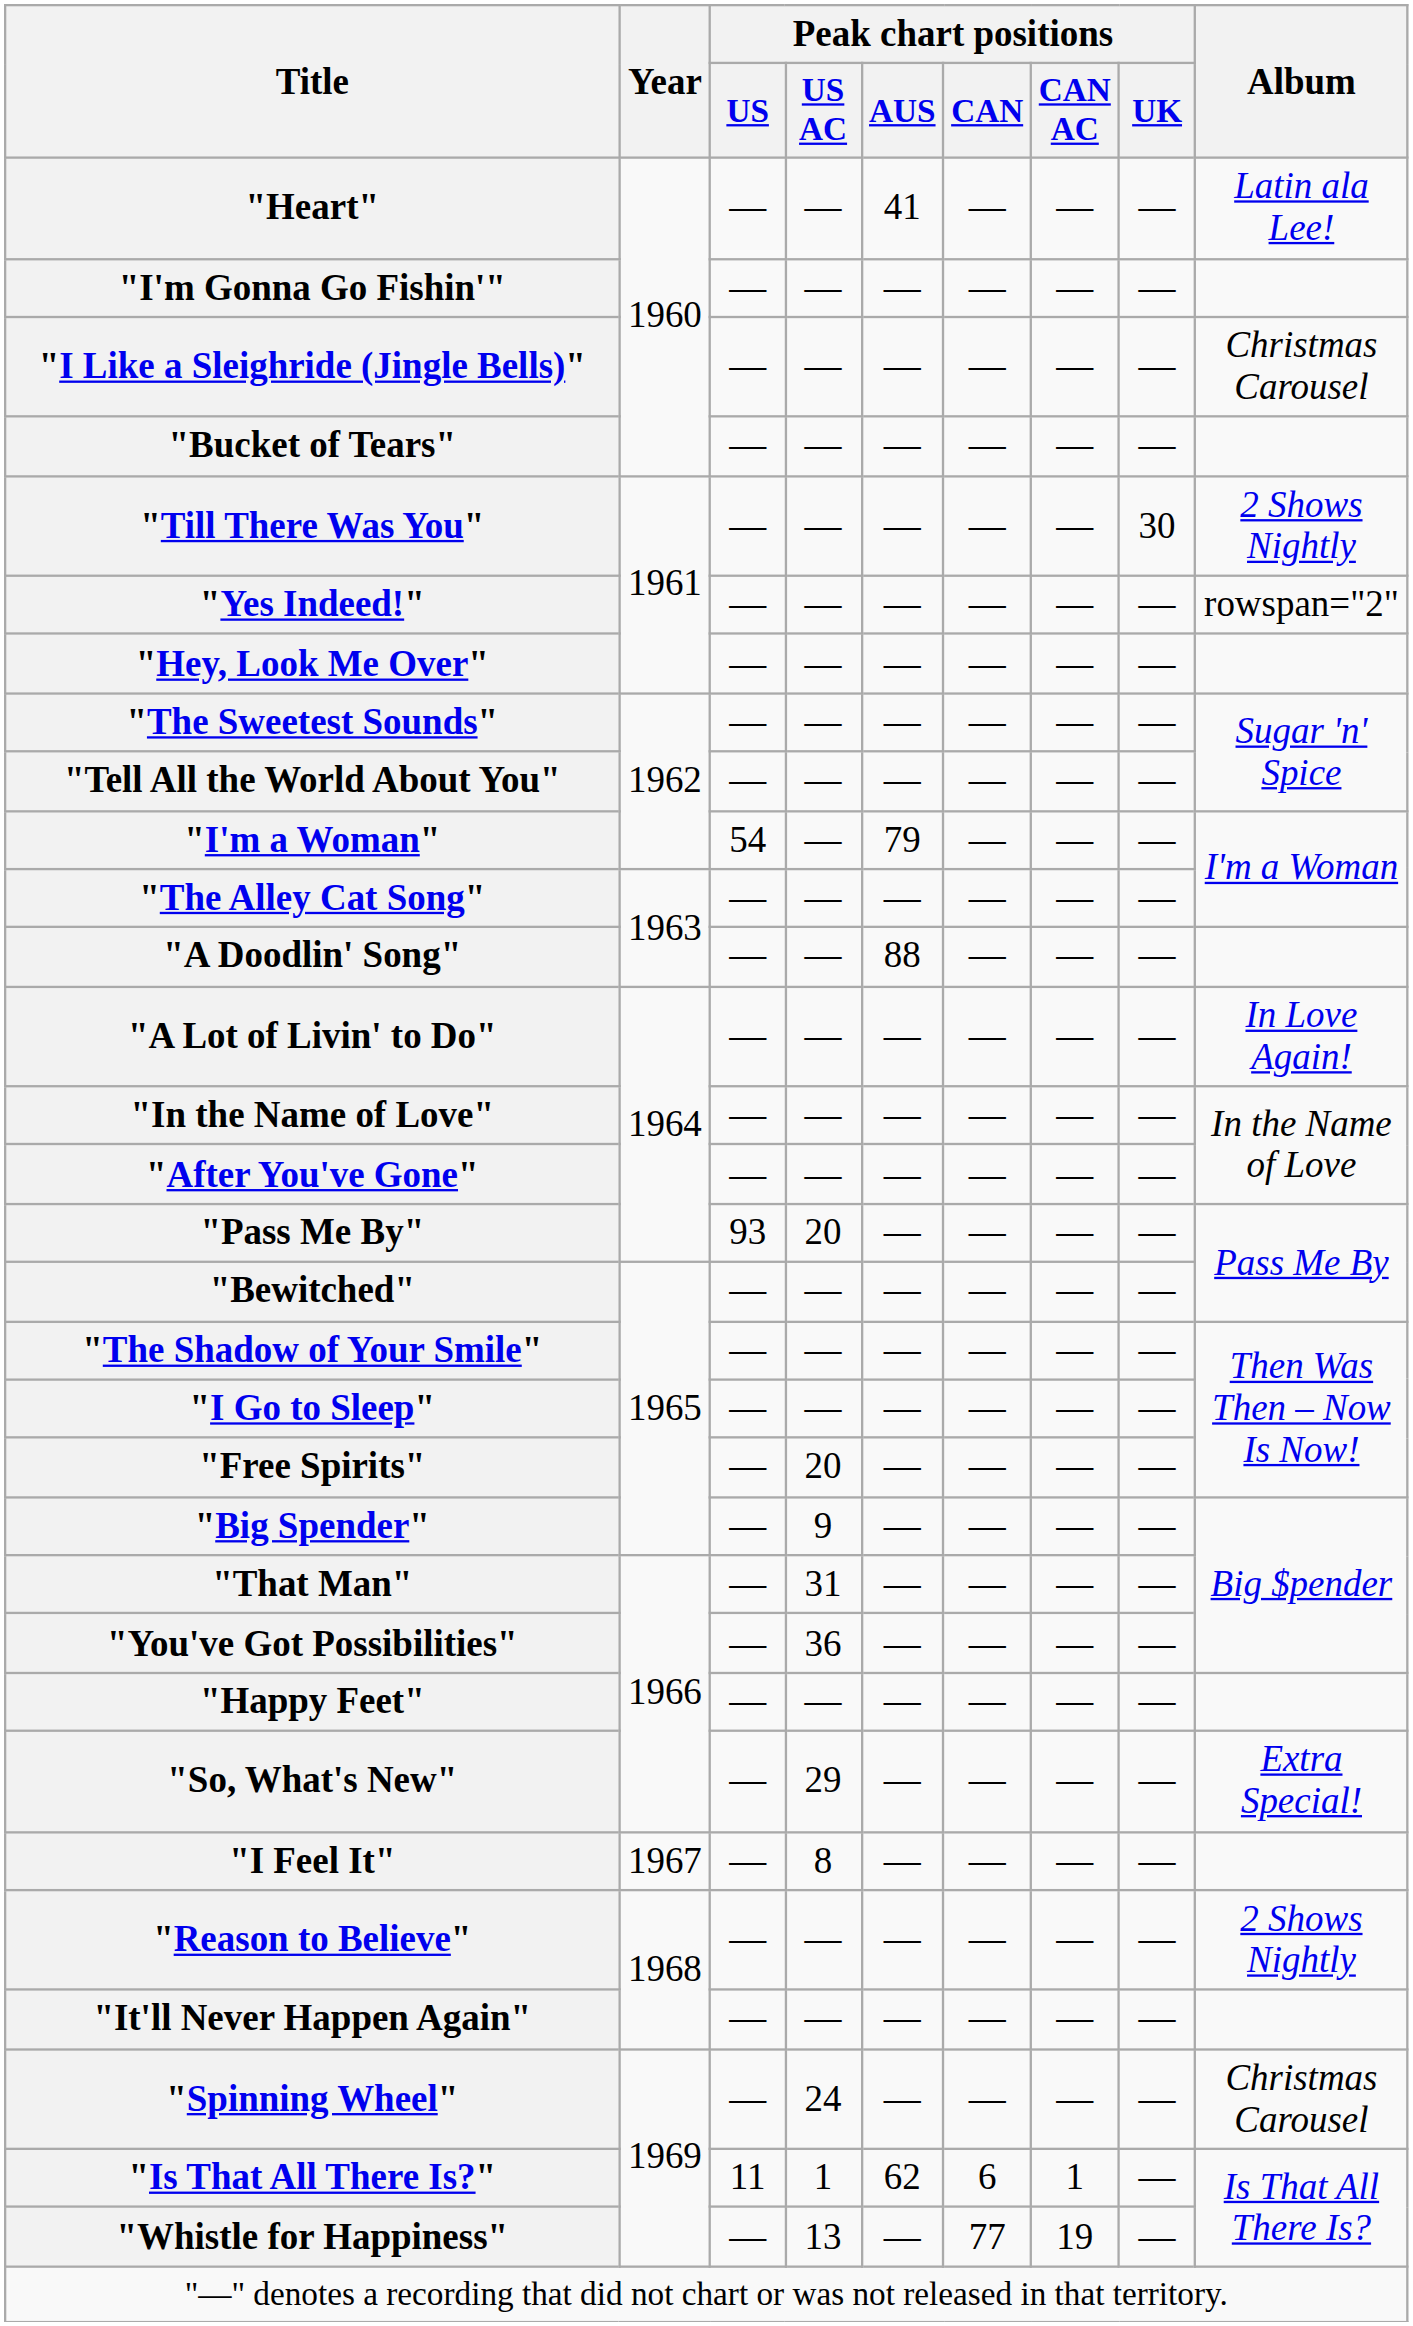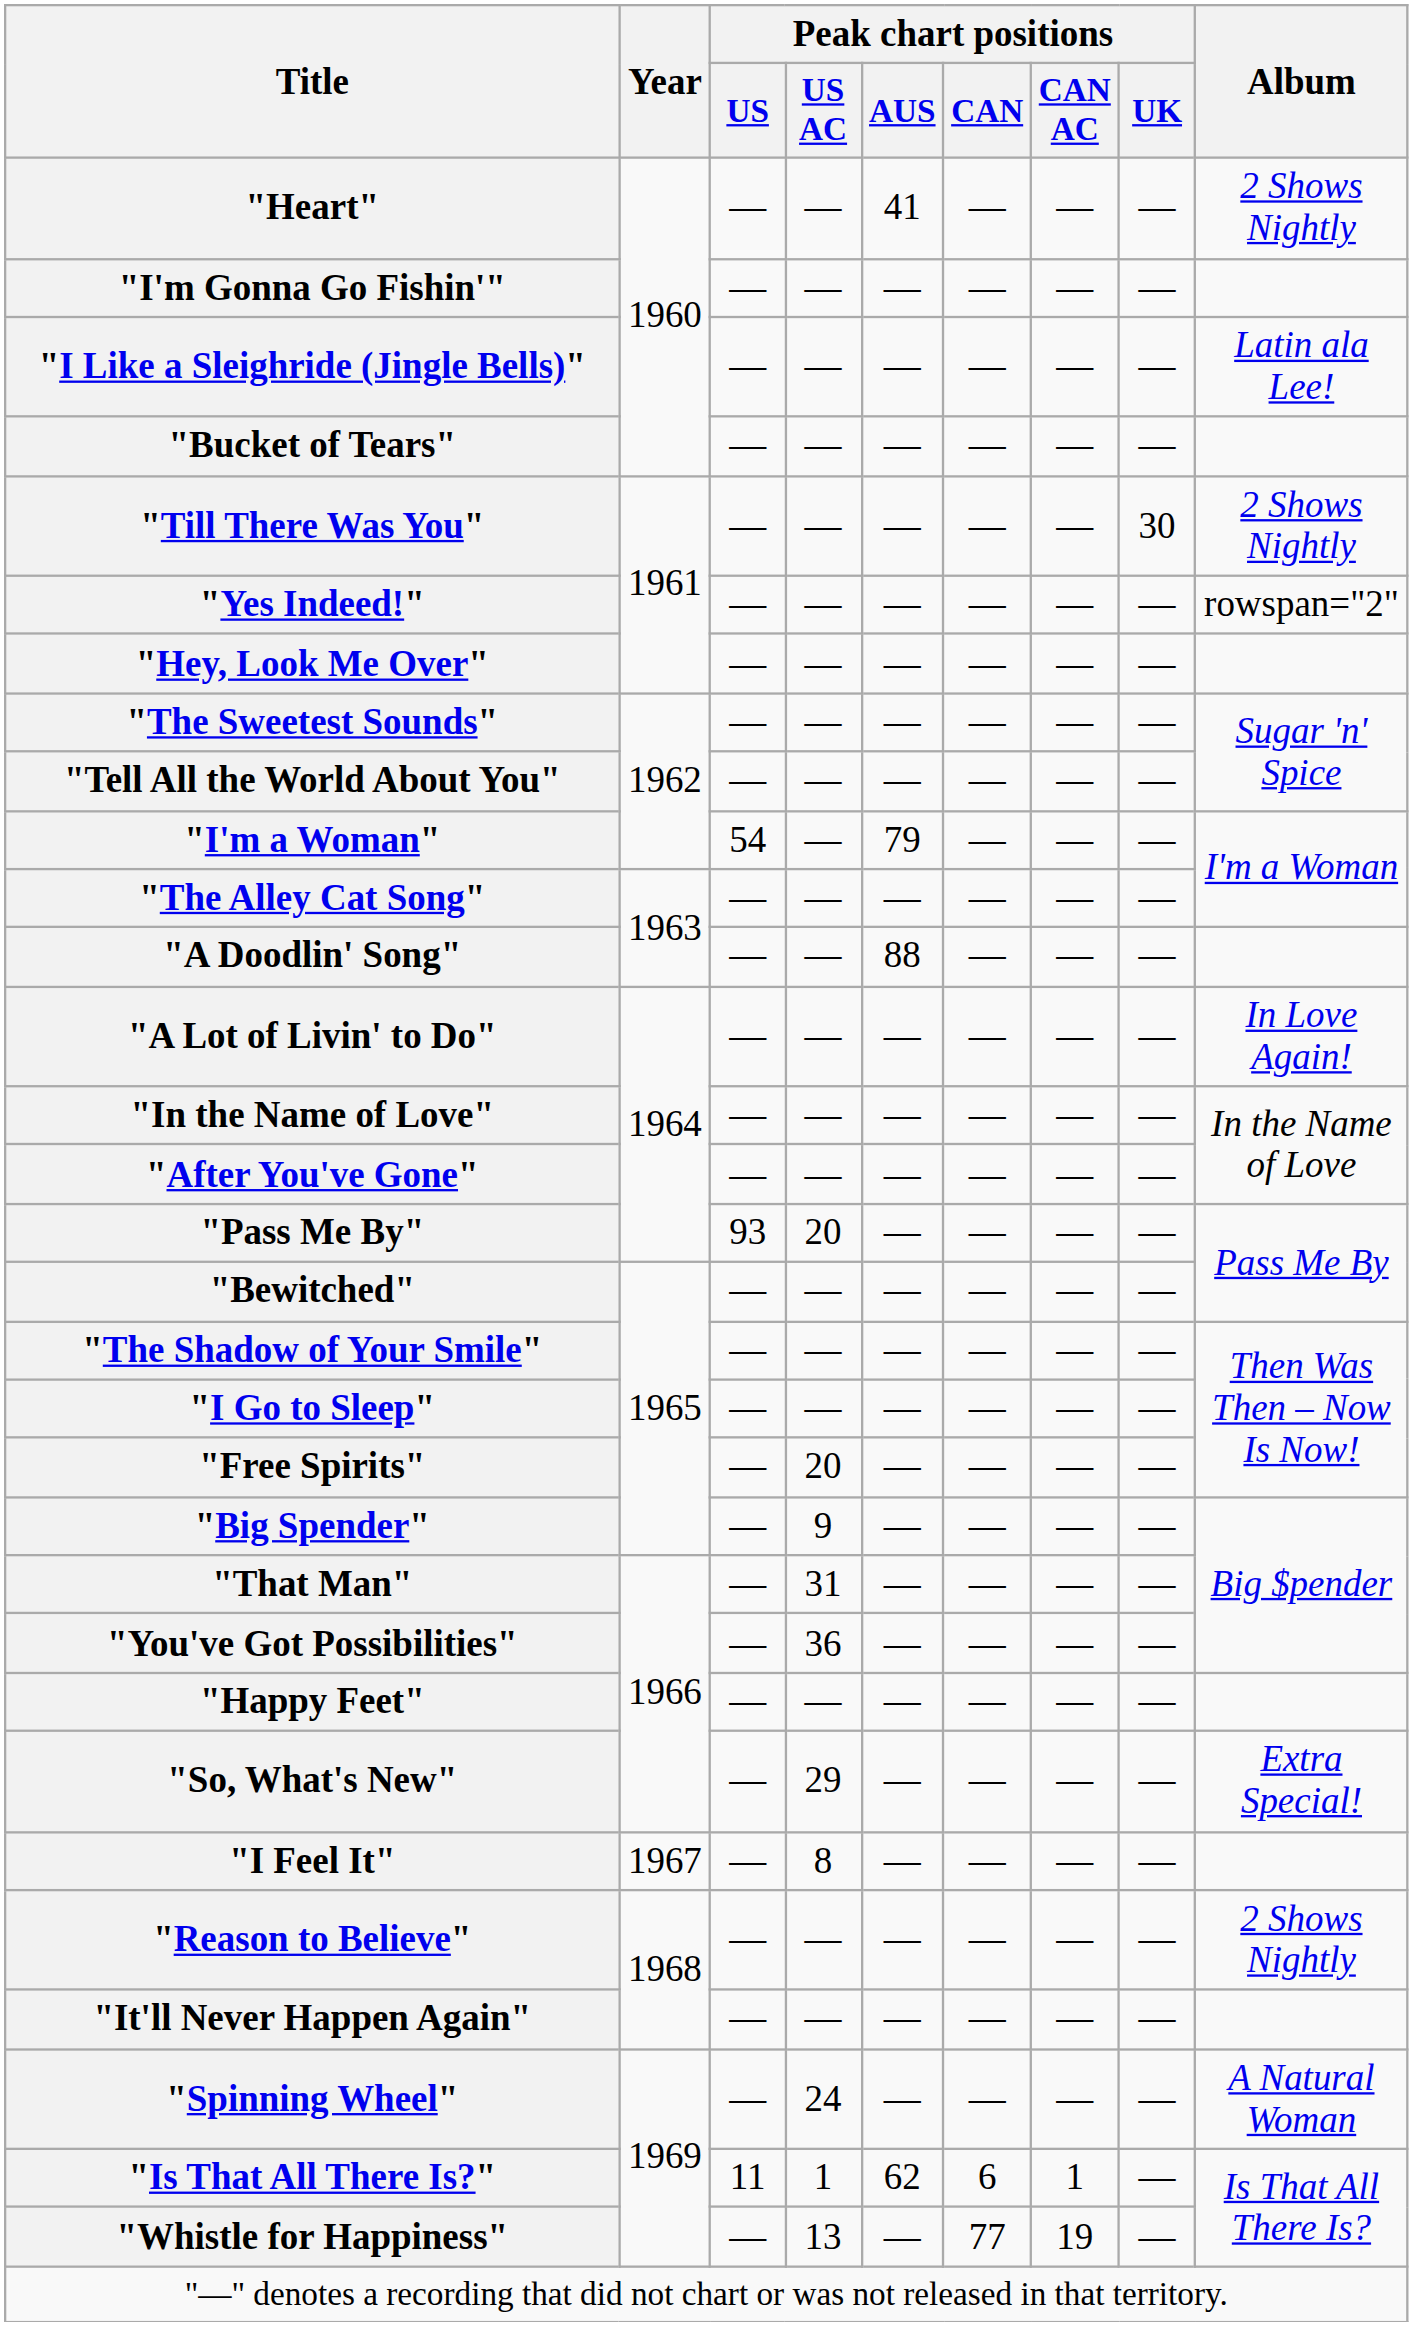 <table class="wikitable plainrowheaders" style="text-align:center;" border="1">
 <tr>
 <th scope="col" rowspan="2" style="width:21em;">Title</th>
 <th scope="col" rowspan="2">Year</th>
 <th scope="col" colspan="6">Peak chart positions</th>
 <th scope="col" rowspan="2">Album</th>
 </tr>
 <tr>
 <th scope="col" style="width:2em;font-size:90%;"><a href='#'>US</a><br></th>
 <th scope="col" style="width:2em;font-size:90%;"><a href='#'>US AC</a><br></th>
 <th scope="col" style="width:2em;font-size:90%;"><a href='#'>AUS</a><br></th>
 <th scope="col" style="width:2em;font-size:90%;"><a href='#'>CAN</a><br></th>
 <th scope="col" style="width:2em;font-size:90%;"><a href='#'>CAN AC</a><br></th>
 <th scope="col" style="width:2em;font-size:90%;"><a href='#'>UK</a><br></th>
 </tr>
 <tr>
 <th scope="row">"Heart"</th>
 <td rowspan="4">1960</td>
 <td>—</td>
 <td>—</td>
 <td>41</td>
 <td>—</td>
 <td>—</td>
 <td>—</td>
-<td><em><a href='#'>Latin ala Lee!</a></em></td>
+<td><em><a href='#'>2 Shows Nightly</a></em></td>
 </tr>
 <tr>
 <th scope="row">"I'm Gonna Go Fishin'"</th>
 <td>—</td>
 <td>—</td>
 <td>—</td>
 <td>—</td>
 <td>—</td>
 <td>—</td>
 <td></td>
 </tr>
 <tr>
 <th scope="row">"<a href='#'>I Like a Sleighride (Jingle Bells)</a>"</th>
 <td>—</td>
 <td>—</td>
 <td>—</td>
 <td>—</td>
 <td>—</td>
 <td>—</td>
-<td><em>Christmas Carousel</em></td>
+<td><em><a href='#'>Latin ala Lee!</a></em></td>
 </tr>
 <tr>
 <th scope="row">"Bucket of Tears"</th>
 <td>—</td>
 <td>—</td>
 <td>—</td>
 <td>—</td>
 <td>—</td>
 <td>—</td>
 <td></td>
 </tr>
 <tr>
 <th scope="row">"<a href='#'>Till There Was You</a>"</th>
 <td rowspan="3">1961</td>
 <td>—</td>
 <td>—</td>
 <td>—</td>
 <td>—</td>
 <td>—</td>
 <td>30</td>
 <td><em><a href='#'>2 Shows Nightly</a></em></td>
 </tr>
 <tr>
 <th scope="row">"<a href='#'>Yes Indeed!</a>"</th>
 <td>—</td>
 <td>—</td>
 <td>—</td>
 <td>—</td>
 <td>—</td>
 <td>—</td>
 <td>rowspan="2" </td>
 </tr>
 <tr>
 <th scope="row">"<a href='#'>Hey, Look Me Over</a>"</th>
 <td>—</td>
 <td>—</td>
 <td>—</td>
 <td>—</td>
 <td>—</td>
 <td>—</td>
 </tr>
 <tr>
 <th scope="row">"<a href='#'>The Sweetest Sounds</a>"</th>
 <td rowspan="3">1962</td>
 <td>—</td>
 <td>—</td>
 <td>—</td>
 <td>—</td>
 <td>—</td>
 <td>—</td>
 <td rowspan="2"><em><a href='#'>Sugar 'n' Spice</a></em></td>
 </tr>
 <tr>
 <th scope="row">"Tell All the World About You"</th>
 <td>—</td>
 <td>—</td>
 <td>—</td>
 <td>—</td>
 <td>—</td>
 <td>—</td>
 </tr>
 <tr>
 <th scope="row">"<a href='#'>I'm a Woman</a>"</th>
 <td>54</td>
 <td>—</td>
 <td>79</td>
 <td>—</td>
 <td>—</td>
 <td>—</td>
 <td rowspan="2"><em><a href='#'>I'm a Woman</a></em></td>
 </tr>
 <tr>
 <th scope="row">"<a href='#'>The Alley Cat Song</a>"</th>
 <td rowspan="2">1963</td>
 <td>—</td>
 <td>—</td>
 <td>—</td>
 <td>—</td>
 <td>—</td>
 <td>—</td>
 </tr>
 <tr>
 <th scope="row">"A Doodlin' Song"</th>
 <td>—</td>
 <td>—</td>
 <td>88</td>
 <td>—</td>
 <td>—</td>
 <td>—</td>
 <td></td>
 </tr>
 <tr>
 <th scope="row">"A Lot of Livin' to Do"</th>
 <td rowspan="4">1964</td>
 <td>—</td>
 <td>—</td>
 <td>—</td>
 <td>—</td>
 <td>—</td>
 <td>—</td>
 <td><em><a href='#'>In Love Again!</a></em></td>
 </tr>
 <tr>
 <th scope="row">"In the Name of Love"</th>
 <td>—</td>
 <td>—</td>
 <td>—</td>
 <td>—</td>
 <td>—</td>
 <td>—</td>
 <td rowspan="2"><em>In the Name of Love</em></td>
 </tr>
 <tr>
 <th scope="row">"<a href='#'>After You've Gone</a>"</th>
 <td>—</td>
 <td>—</td>
 <td>—</td>
 <td>—</td>
 <td>—</td>
 <td>—</td>
 </tr>
 <tr>
 <th scope="row">"Pass Me By"</th>
 <td>93</td>
 <td>20</td>
 <td>—</td>
 <td>—</td>
 <td>—</td>
 <td>—</td>
 <td rowspan="2"><em><a href='#'>Pass Me By</a></em></td>
 </tr>
 <tr>
 <th scope="row">"Bewitched"</th>
 <td rowspan="5">1965</td>
 <td>—</td>
 <td>—</td>
 <td>—</td>
 <td>—</td>
 <td>—</td>
 <td>—</td>
 </tr>
 <tr>
 <th scope="row">"<a href='#'>The Shadow of Your Smile</a>"</th>
 <td>—</td>
 <td>—</td>
 <td>—</td>
 <td>—</td>
 <td>—</td>
 <td>—</td>
 <td rowspan="3"><em><a href='#'>Then Was Then – Now Is Now!</a></em></td>
 </tr>
 <tr>
 <th scope="row">"<a href='#'>I Go to Sleep</a>"</th>
 <td>—</td>
 <td>—</td>
 <td>—</td>
 <td>—</td>
 <td>—</td>
 <td>—</td>
 </tr>
 <tr>
 <th scope="row">"Free Spirits"</th>
 <td>—</td>
 <td>20</td>
 <td>—</td>
 <td>—</td>
 <td>—</td>
 <td>—</td>
 </tr>
 <tr>
 <th scope="row">"<a href='#'>Big Spender</a>"</th>
 <td>—</td>
 <td>9</td>
 <td>—</td>
 <td>—</td>
 <td>—</td>
 <td>—</td>
 <td rowspan="3"><em><a href='#'>Big $pender</a></em></td>
 </tr>
 <tr>
 <th scope="row">"That Man"</th>
 <td rowspan="4">1966</td>
 <td>—</td>
 <td>31</td>
 <td>—</td>
 <td>—</td>
 <td>—</td>
 <td>—</td>
 </tr>
 <tr>
 <th scope="row">"You've Got Possibilities"</th>
 <td>—</td>
 <td>36</td>
 <td>—</td>
 <td>—</td>
 <td>—</td>
 <td>—</td>
 </tr>
 <tr>
 <th scope="row">"Happy Feet"</th>
 <td>—</td>
 <td>—</td>
 <td>—</td>
 <td>—</td>
 <td>—</td>
 <td>—</td>
 <td></td>
 </tr>
 <tr>
 <th scope="row">"So, What's New"</th>
 <td>—</td>
 <td>29</td>
 <td>—</td>
 <td>—</td>
 <td>—</td>
 <td>—</td>
 <td><em><a href='#'>Extra Special!</a></em></td>
 </tr>
 <tr>
 <th scope="row">"I Feel It"</th>
 <td>1967</td>
 <td>—</td>
 <td>8</td>
 <td>—</td>
 <td>—</td>
 <td>—</td>
 <td>—</td>
 <td></td>
 </tr>
 <tr>
 <th scope="row">"<a href='#'>Reason to Believe</a>"</th>
 <td rowspan="2">1968</td>
 <td>—</td>
 <td>—</td>
 <td>—</td>
 <td>—</td>
 <td>—</td>
 <td>—</td>
 <td><em><a href='#'>2 Shows Nightly</a></em></td>
 </tr>
 <tr>
 <th scope="row">"It'll Never Happen Again"</th>
 <td>—</td>
 <td>—</td>
 <td>—</td>
 <td>—</td>
 <td>—</td>
 <td>—</td>
 <td></td>
 </tr>
 <tr>
 <th scope="row">"<a href='#'>Spinning Wheel</a>"</th>
 <td rowspan="3">1969</td>
 <td>—</td>
 <td>24</td>
 <td>—</td>
 <td>—</td>
 <td>—</td>
 <td>—</td>
-<td><em>Christmas Carousel</em></td>
+<td><em><a href='#'>A Natural Woman</a></em></td>
 </tr>
 <tr>
 <th scope="row">"<a href='#'>Is That All There Is?</a>"</th>
 <td>11</td>
 <td>1</td>
 <td>62</td>
 <td>6</td>
 <td>1</td>
 <td>—</td>
 <td rowspan="2"><em><a href='#'>Is That All There Is?</a></em></td>
 </tr>
 <tr>
 <th scope="row">"Whistle for Happiness"</th>
 <td>—</td>
 <td>13</td>
 <td>—</td>
 <td>77</td>
 <td>19</td>
 <td>—</td>
 </tr>
 <tr>
 <td colspan="9" style="font-size:90%">"—" denotes a recording that did not chart or was not released in that territory.</td>
 </tr>
 </table>
